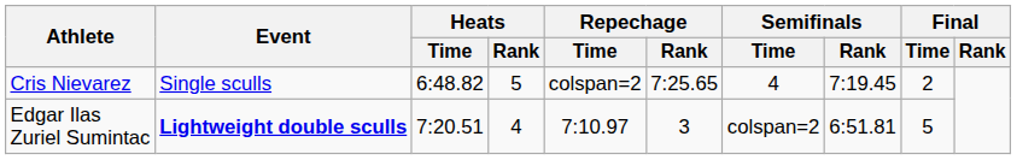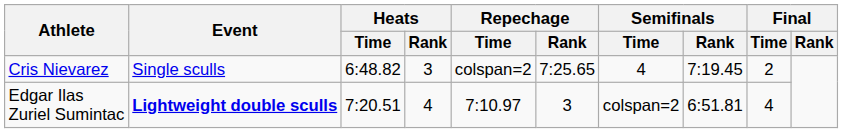 <table class=wikitable style=font-size:90%;text-align:center>
 <tr>
 <th rowspan=2>Athlete</th>
 <th rowspan=2>Event</th>
 <th colspan=2>Heats</th>
 <th colspan=2>Repechage</th>
 <th colspan=2>Semifinals</th>
 <th colspan=2>Final</th>
 </tr>
 <tr style="font-size:95%">
 <th>Time</th>
 <th>Rank</th>
 <th>Time</th>
 <th>Rank</th>
 <th>Time</th>
 <th>Rank</th>
 <th>Time</th>
 <th>Rank</th>
 </tr>
 <tr>
 <td align=left><a href='#'>Cris Nievarez</a></td>
 <td align=left><a href='#'>Single sculls</a></td>
 <td>6:48.82</td>
-<td>5 <strong></strong></td>
+<td>3 <strong></strong></td>
 <td>colspan=2 </td>
 <td>7:25.65</td>
 <td>4 <strong></strong></td>
 <td>7:19.45</td>
 <td>2 <strong></strong></td>
 </tr>
 <tr>
 <td align=left>Edgar Ilas<br>Zuriel Sumintac</td>
 <td align=left><strong><a href='#'>Lightweight double sculls</a></strong></td>
 <td>7:20.51</td>
 <td>4 <strong></strong></td>
 <td>7:10.97</td>
 <td>3 <strong></strong></td>
 <td>colspan=2 </td>
 <td>6:51.81</td>
-<td>5 <strong></strong></td>
+<td>4 <strong></strong></td>
 </tr>
 </table>
